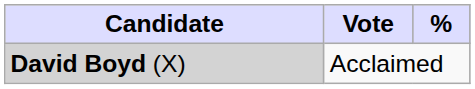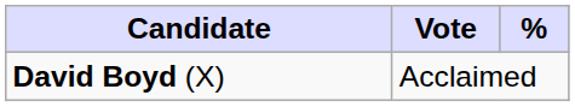 <table class="wikitable">
 <tr>
 <th style="background:#ddf; width:200px;">Candidate</th>
 <th style="background:#ddf; width:50px;">Vote</th>
 <th style="background:#ddf; width:30px;">%</th>
 </tr>
 <tr>
-<td style="background: lightgrey;"><strong>David Boyd</strong> (X)</td>
+<td><strong>David Boyd</strong> (X)</td>
 <td colspan="2">Acclaimed</td>
 </tr>
 </table>
